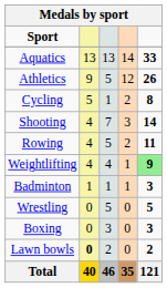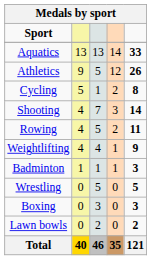 <table class="wikitable" style="font-size:85%; float:right">
 <tr style="background:#efefef;">
 <th colspan=7><strong>Medals by sport</strong></th>
 </tr>
 <tr align=center>
 <td><strong>Sport</strong></td>
 <td bgcolor=#f7f6a8></td>
 <td bgcolor=#dce5e5></td>
 <td bgcolor=#ffdab9></td>
 <td></td>
 </tr>
 <tr>
 </tr>
 <tr align=center>
 <td><a href='#'>Aquatics</a></td>
 <td style="Background:#F7F6A8;">13</td>
 <td style="background:#DCE5E5;">13</td>
 <td style="background:#FFDAB9;">14</td>
 <td><strong>33</strong></td>
 </tr>
 <tr align=center>
 <td><a href='#'>Athletics</a></td>
 <td style="Background:#F7F6A8;">9</td>
 <td style="background:#DCE5E5;">5</td>
 <td style="background:#FFDAB9;">12</td>
 <td><strong>26</strong></td>
 </tr>
 <tr align=center>
 <td><a href='#'>Cycling</a></td>
 <td style="Background:#F7F6A8;">5</td>
 <td style="background:#DCE5E5;">1</td>
 <td style="background:#FFDAB9;">2</td>
 <td><strong>8</strong></td>
 </tr>
 <tr align=center>
 <td><a href='#'>Shooting</a></td>
 <td style="Background:#F7F6A8;">4</td>
 <td style="background:#DCE5E5;">7</td>
 <td style="background:#FFDAB9;">3</td>
 <td><strong>14</strong></td>
 </tr>
 <tr align=center>
 <td><a href='#'>Rowing</a></td>
 <td style="Background:#F7F6A8;">4</td>
 <td style="background:#DCE5E5;">5</td>
 <td style="background:#FFDAB9;">2</td>
 <td><strong>11</strong></td>
 </tr>
 <tr align=center>
 <td><a href='#'>Weightlifting</a></td>
 <td style="Background:#F7F6A8;">4</td>
 <td style="background:#DCE5E5;">4</td>
 <td style="background:#FFDAB9;">1</td>
-<td style="background: lightgreen;"><strong>9</strong></td>
+<td><strong>9</strong></td>
 </tr>
 <tr align=center>
 <td><a href='#'>Badminton</a></td>
 <td style="Background:#F7F6A8;">1</td>
 <td style="background:#DCE5E5;">1</td>
 <td style="background:#FFDAB9;">1</td>
 <td><strong>3</strong></td>
 </tr>
 <tr align=center>
 <td><a href='#'>Wrestling</a></td>
 <td style="Background:#F7F6A8;">0</td>
 <td style="background:#DCE5E5;">5</td>
 <td style="background:#FFDAB9;">0</td>
 <td><strong>5</strong></td>
 </tr>
 <tr align=center>
 <td><a href='#'>Boxing</a></td>
 <td style="Background:#F7F6A8;">0</td>
 <td style="background:#DCE5E5;">3</td>
 <td style="background:#FFDAB9;">0</td>
 <td><strong>3</strong></td>
 </tr>
 <tr align=center>
 <td><a href='#'>Lawn bowls</a></td>
-<td style="Background:#F7F6A8;"><strong>0</strong></td>
+<td style="Background:#F7F6A8;">0</td>
 <td style="background:#DCE5E5;">2</td>
 <td style="background:#FFDAB9;">0</td>
 <td><strong>2</strong></td>
 </tr>
 <tr align=center>
 <th>Total</th>
 <th style="background:gold;">40</th>
 <th style="background:silver;">46</th>
 <th style="background:#c96;">35</th>
 <th>121</th>
 </tr>
 </table>
